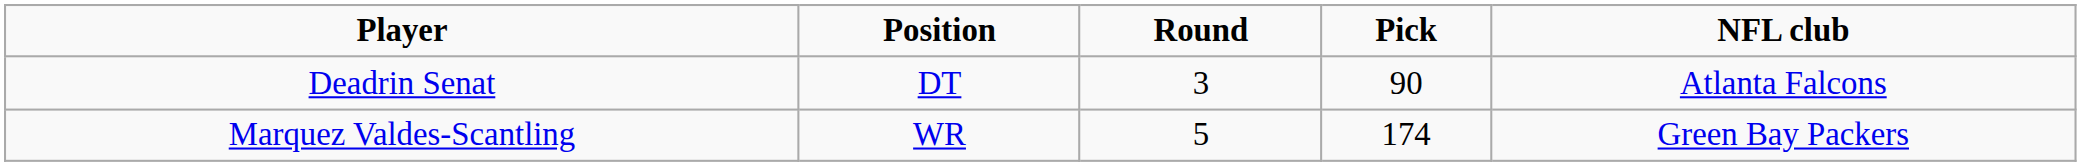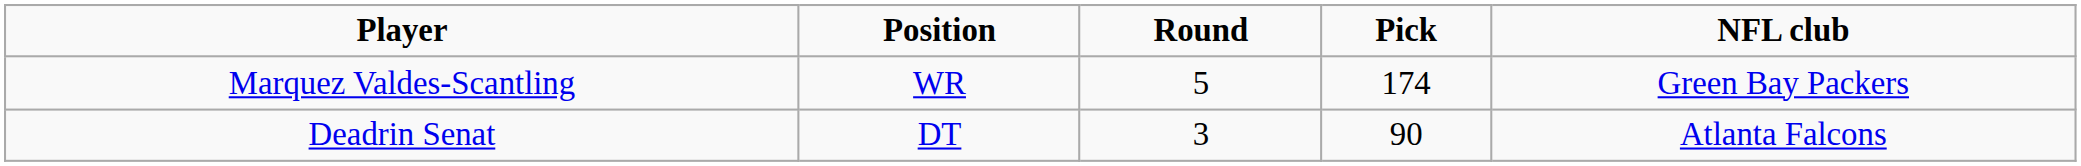 <table class="wikitable" width="80%">
 <tr align="center">
 <td><strong>Player</strong></td>
 <td><strong>Position</strong></td>
 <td><strong>Round</strong></td>
 <td><strong>Pick</strong></td>
 <td><strong>NFL club</strong></td>
 </tr>
 <tr align="center" bgcolor="">
+<td><a href='#'>Marquez Valdes-Scantling</a></td>
+<td><a href='#'>WR</a></td>
+<td>5</td>
+<td>174</td>
+<td><a href='#'>Green Bay Packers</a></td>
+</tr>
+<tr align="center" bgcolor="">
 <td><a href='#'>Deadrin Senat</a></td>
 <td><a href='#'>DT</a></td>
 <td>3</td>
 <td>90</td>
 <td><a href='#'>Atlanta Falcons</a></td>
 </tr>
-<tr align="center" bgcolor="">
-<td><a href='#'>Marquez Valdes-Scantling</a></td>
-<td><a href='#'>WR</a></td>
-<td>5</td>
-<td>174</td>
-<td><a href='#'>Green Bay Packers</a></td>
-</tr>
 </table>
